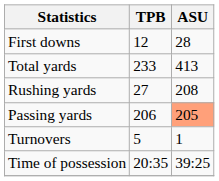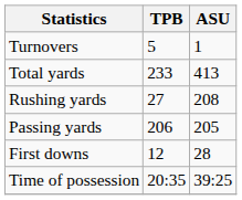 <table class="wikitable" style="float: left;">
 <tr>
 <th>Statistics</th>
 <th>TPB</th>
 <th>ASU</th>
 </tr>
 <tr>
-<td>First downs</td>
-<td>12</td>
-<td>28</td>
+<td>Turnovers</td>
+<td>5</td>
+<td>1</td>
 </tr>
 <tr>
 <td>Total yards</td>
 <td>233</td>
 <td>413</td>
 </tr>
 <tr>
 <td>Rushing yards</td>
 <td>27</td>
 <td>208</td>
 </tr>
 <tr>
 <td>Passing yards</td>
 <td>206</td>
-<td style="background: lightsalmon;">205</td>
+<td>205</td>
 </tr>
 <tr>
-<td>Turnovers</td>
-<td>5</td>
-<td>1</td>
+<td>First downs</td>
+<td>12</td>
+<td>28</td>
 </tr>
 <tr>
 <td>Time of possession</td>
 <td>20:35</td>
 <td>39:25</td>
 </tr>
 <tr>
 </tr>
 </table>
